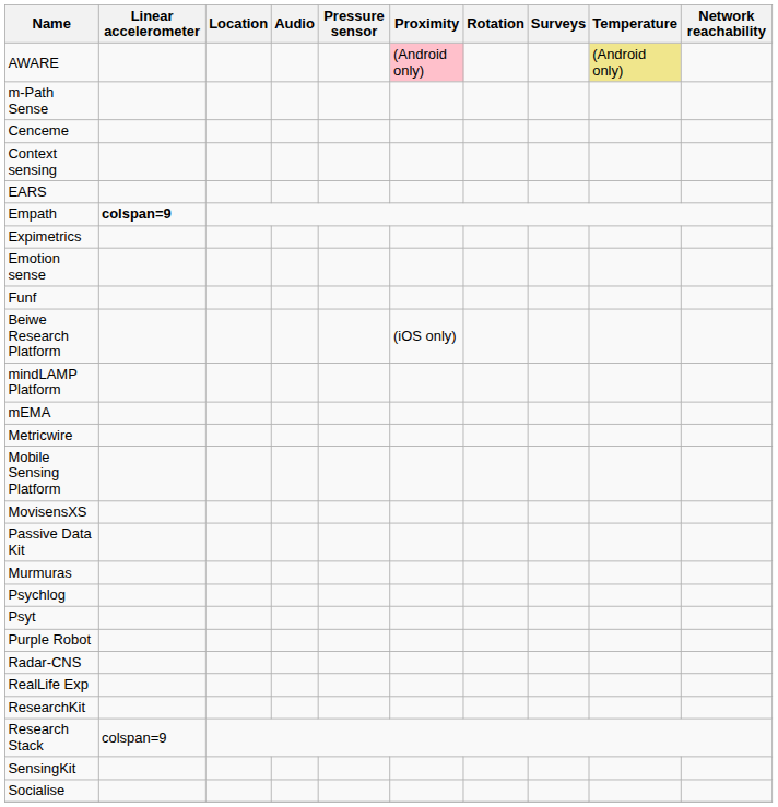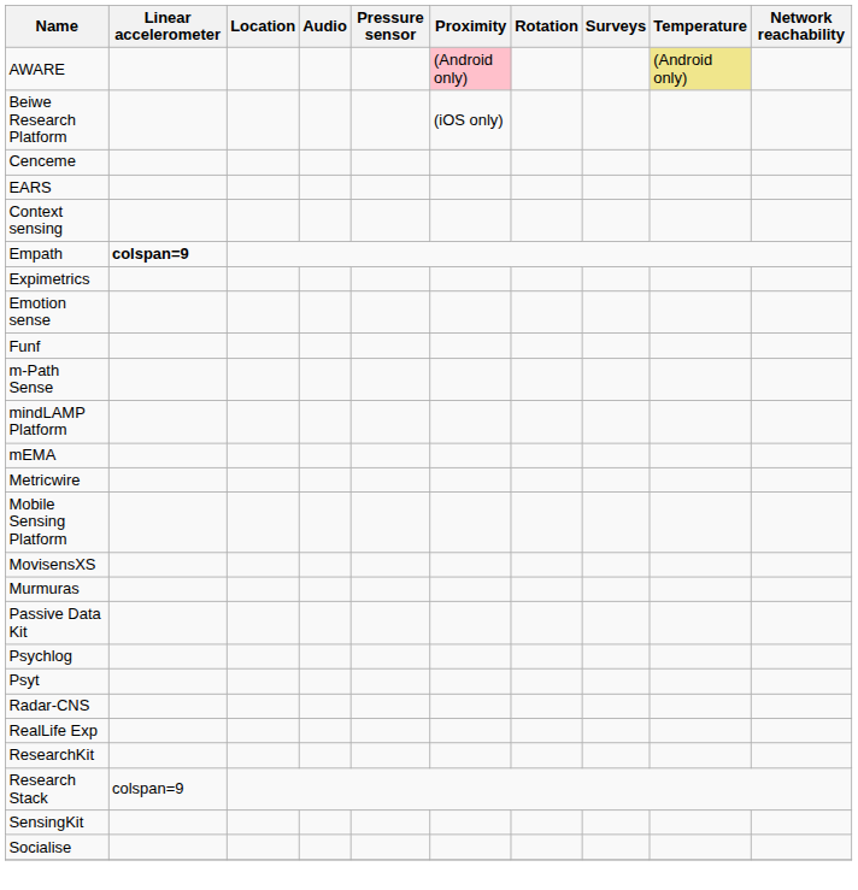 <table class="wikitable sortable">
 <tr>
 <th>Name</th>
 <th>Linear accelerometer</th>
 <th>Location</th>
 <th>Audio</th>
 <th>Pressure sensor</th>
 <th>Proximity</th>
 <th>Rotation</th>
 <th>Surveys</th>
 <th>Temperature</th>
 <th>Network reachability</th>
 </tr>
 <tr>
 <td>AWARE</td>
 <td></td>
 <td></td>
 <td></td>
 <td></td>
 <td style="background: pink;"> (Android only)</td>
 <td></td>
 <td></td>
 <td style="background: khaki;"> (Android only)</td>
 <td></td>
 </tr>
 <tr>
-<td>m-Path Sense</td>
+<td>Beiwe Research Platform</td>
 <td></td>
 <td></td>
 <td></td>
 <td></td>
-<td></td>
+<td> (iOS only)</td>
 <td></td>
 <td></td>
 <td></td>
 <td></td>
 </tr>
 <tr>
 <td>Cenceme</td>
 <td></td>
 <td></td>
 <td></td>
 <td></td>
 <td></td>
 <td></td>
 <td></td>
 <td></td>
 <td></td>
 </tr>
 <tr>
-<td>Context sensing</td>
+<td>EARS</td>
 <td></td>
 <td></td>
 <td></td>
 <td></td>
 <td></td>
 <td></td>
 <td></td>
 <td></td>
 <td></td>
 </tr>
 <tr>
-<td>EARS</td>
+<td>Context sensing</td>
 <td></td>
 <td></td>
 <td></td>
 <td></td>
 <td></td>
 <td></td>
 <td></td>
 <td></td>
 <td></td>
 </tr>
 <tr>
 <td>Empath</td>
 <td><strong>colspan=9 </strong></td>
 </tr>
 <tr>
 <td>Expimetrics</td>
 <td></td>
 <td></td>
 <td></td>
 <td></td>
 <td></td>
 <td></td>
 <td></td>
 <td></td>
 <td></td>
 </tr>
 <tr>
 <td>Emotion sense</td>
 <td></td>
 <td></td>
 <td></td>
 <td></td>
 <td></td>
 <td></td>
 <td></td>
 <td></td>
 <td></td>
 </tr>
 <tr>
 <td>Funf</td>
 <td></td>
 <td></td>
 <td></td>
 <td></td>
 <td></td>
 <td></td>
 <td></td>
 <td></td>
 <td></td>
 </tr>
 <tr>
-<td>Beiwe Research Platform</td>
+<td>m-Path Sense</td>
 <td></td>
 <td></td>
 <td></td>
 <td></td>
-<td> (iOS only)</td>
+<td></td>
 <td></td>
 <td></td>
 <td></td>
 <td></td>
 </tr>
 <tr>
 <td>mindLAMP Platform</td>
 <td></td>
 <td></td>
 <td></td>
 <td></td>
 <td></td>
 <td></td>
 <td></td>
 <td></td>
 <td></td>
 </tr>
 <tr>
 <td>mEMA</td>
 <td></td>
 <td></td>
 <td></td>
 <td></td>
 <td></td>
 <td></td>
 <td></td>
 <td></td>
 <td></td>
 </tr>
 <tr>
 <td>Metricwire</td>
 <td></td>
 <td></td>
 <td></td>
 <td></td>
 <td></td>
 <td></td>
 <td></td>
 <td></td>
 <td></td>
 </tr>
 <tr>
 <td>Mobile Sensing Platform</td>
 <td></td>
 <td></td>
 <td></td>
 <td></td>
 <td></td>
 <td></td>
 <td></td>
 <td></td>
 <td></td>
 </tr>
 <tr>
 <td>MovisensXS</td>
 <td></td>
 <td></td>
 <td></td>
 <td></td>
 <td></td>
 <td></td>
 <td></td>
 <td></td>
 <td></td>
 </tr>
 <tr>
-<td>Passive Data Kit</td>
+<td>Murmuras</td>
 <td></td>
 <td></td>
 <td></td>
 <td></td>
 <td></td>
 <td></td>
 <td></td>
 <td></td>
 <td></td>
 </tr>
 <tr>
-<td>Murmuras</td>
+<td>Passive Data Kit</td>
 <td></td>
 <td></td>
 <td></td>
 <td></td>
 <td></td>
 <td></td>
 <td></td>
 <td></td>
 <td></td>
 </tr>
 <tr>
 <td>Psychlog</td>
 <td></td>
 <td></td>
 <td></td>
 <td></td>
 <td></td>
 <td></td>
 <td></td>
 <td></td>
 <td></td>
 </tr>
 <tr>
 <td>Psyt</td>
-<td></td>
-<td></td>
-<td></td>
-<td></td>
-<td></td>
-<td></td>
-<td></td>
-<td></td>
-<td></td>
-</tr>
-<tr>
-<td>Purple Robot</td>
 <td></td>
 <td></td>
 <td></td>
 <td></td>
 <td></td>
 <td></td>
 <td></td>
 <td></td>
 <td></td>
 </tr>
 <tr>
 <td>Radar-CNS</td>
 <td></td>
 <td></td>
 <td></td>
 <td></td>
 <td></td>
 <td></td>
 <td></td>
 <td></td>
 <td></td>
 </tr>
 <tr>
 <td>RealLife Exp</td>
 <td></td>
 <td></td>
 <td></td>
 <td></td>
 <td></td>
 <td></td>
 <td></td>
 <td></td>
 <td></td>
 </tr>
 <tr>
 <td>ResearchKit</td>
 <td></td>
 <td></td>
 <td></td>
 <td></td>
 <td></td>
 <td></td>
 <td></td>
 <td></td>
 <td></td>
 </tr>
 <tr>
 <td>Research Stack</td>
 <td>colspan=9 </td>
 </tr>
 <tr>
 <td>SensingKit</td>
 <td></td>
 <td></td>
 <td></td>
 <td></td>
 <td></td>
 <td></td>
 <td></td>
 <td></td>
 <td></td>
 </tr>
 <tr>
 <td>Socialise</td>
 <td></td>
 <td></td>
 <td></td>
 <td></td>
 <td></td>
 <td></td>
 <td></td>
 <td></td>
 <td></td>
 </tr>
 <tr>
 </tr>
 </table>
